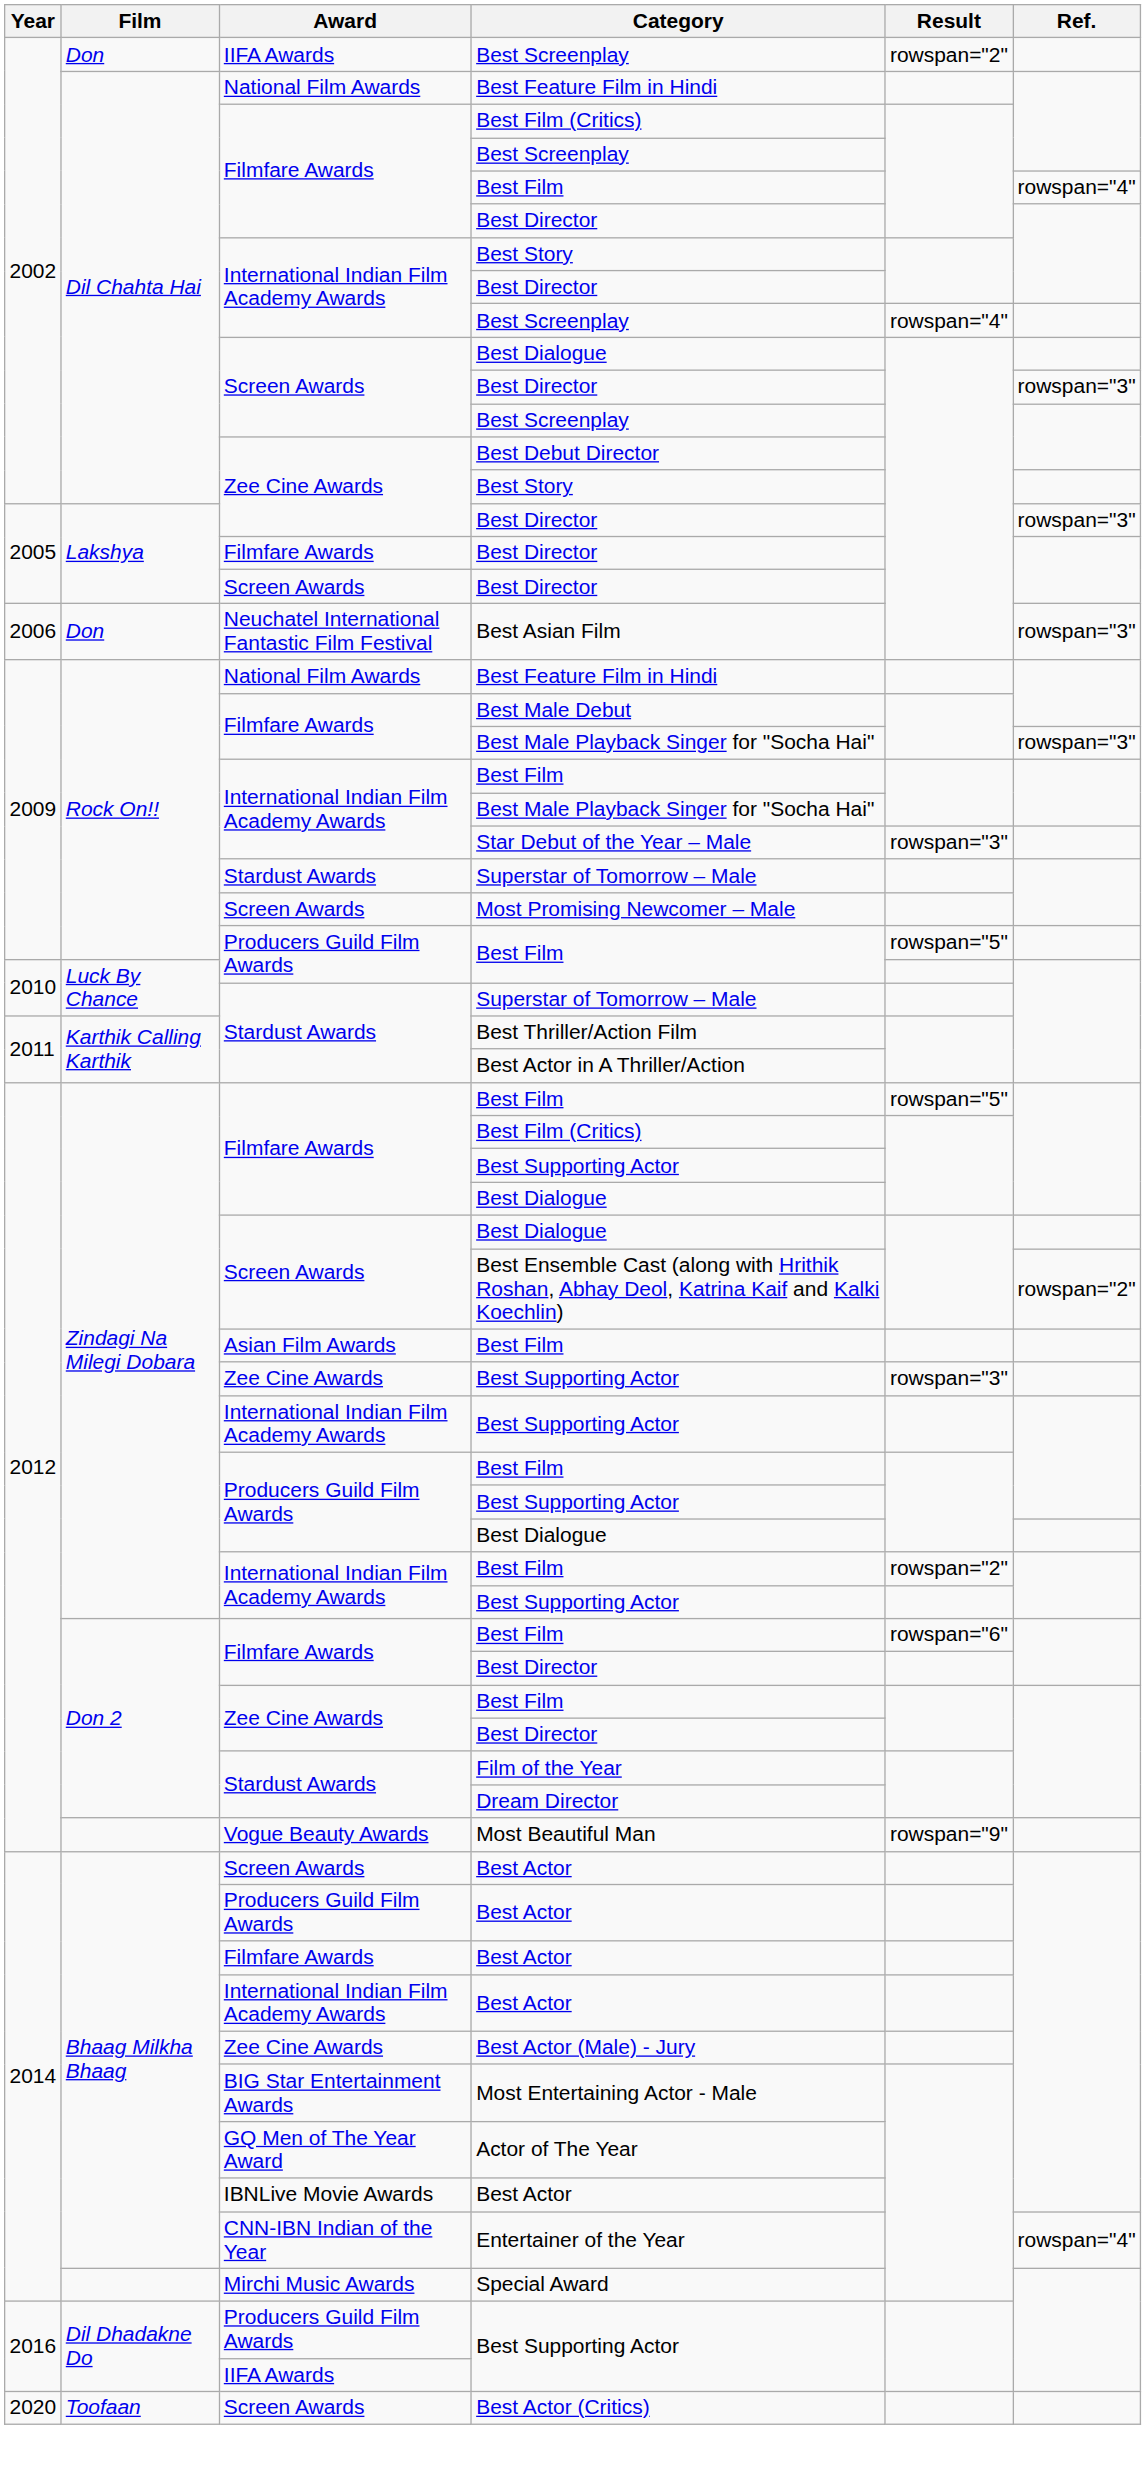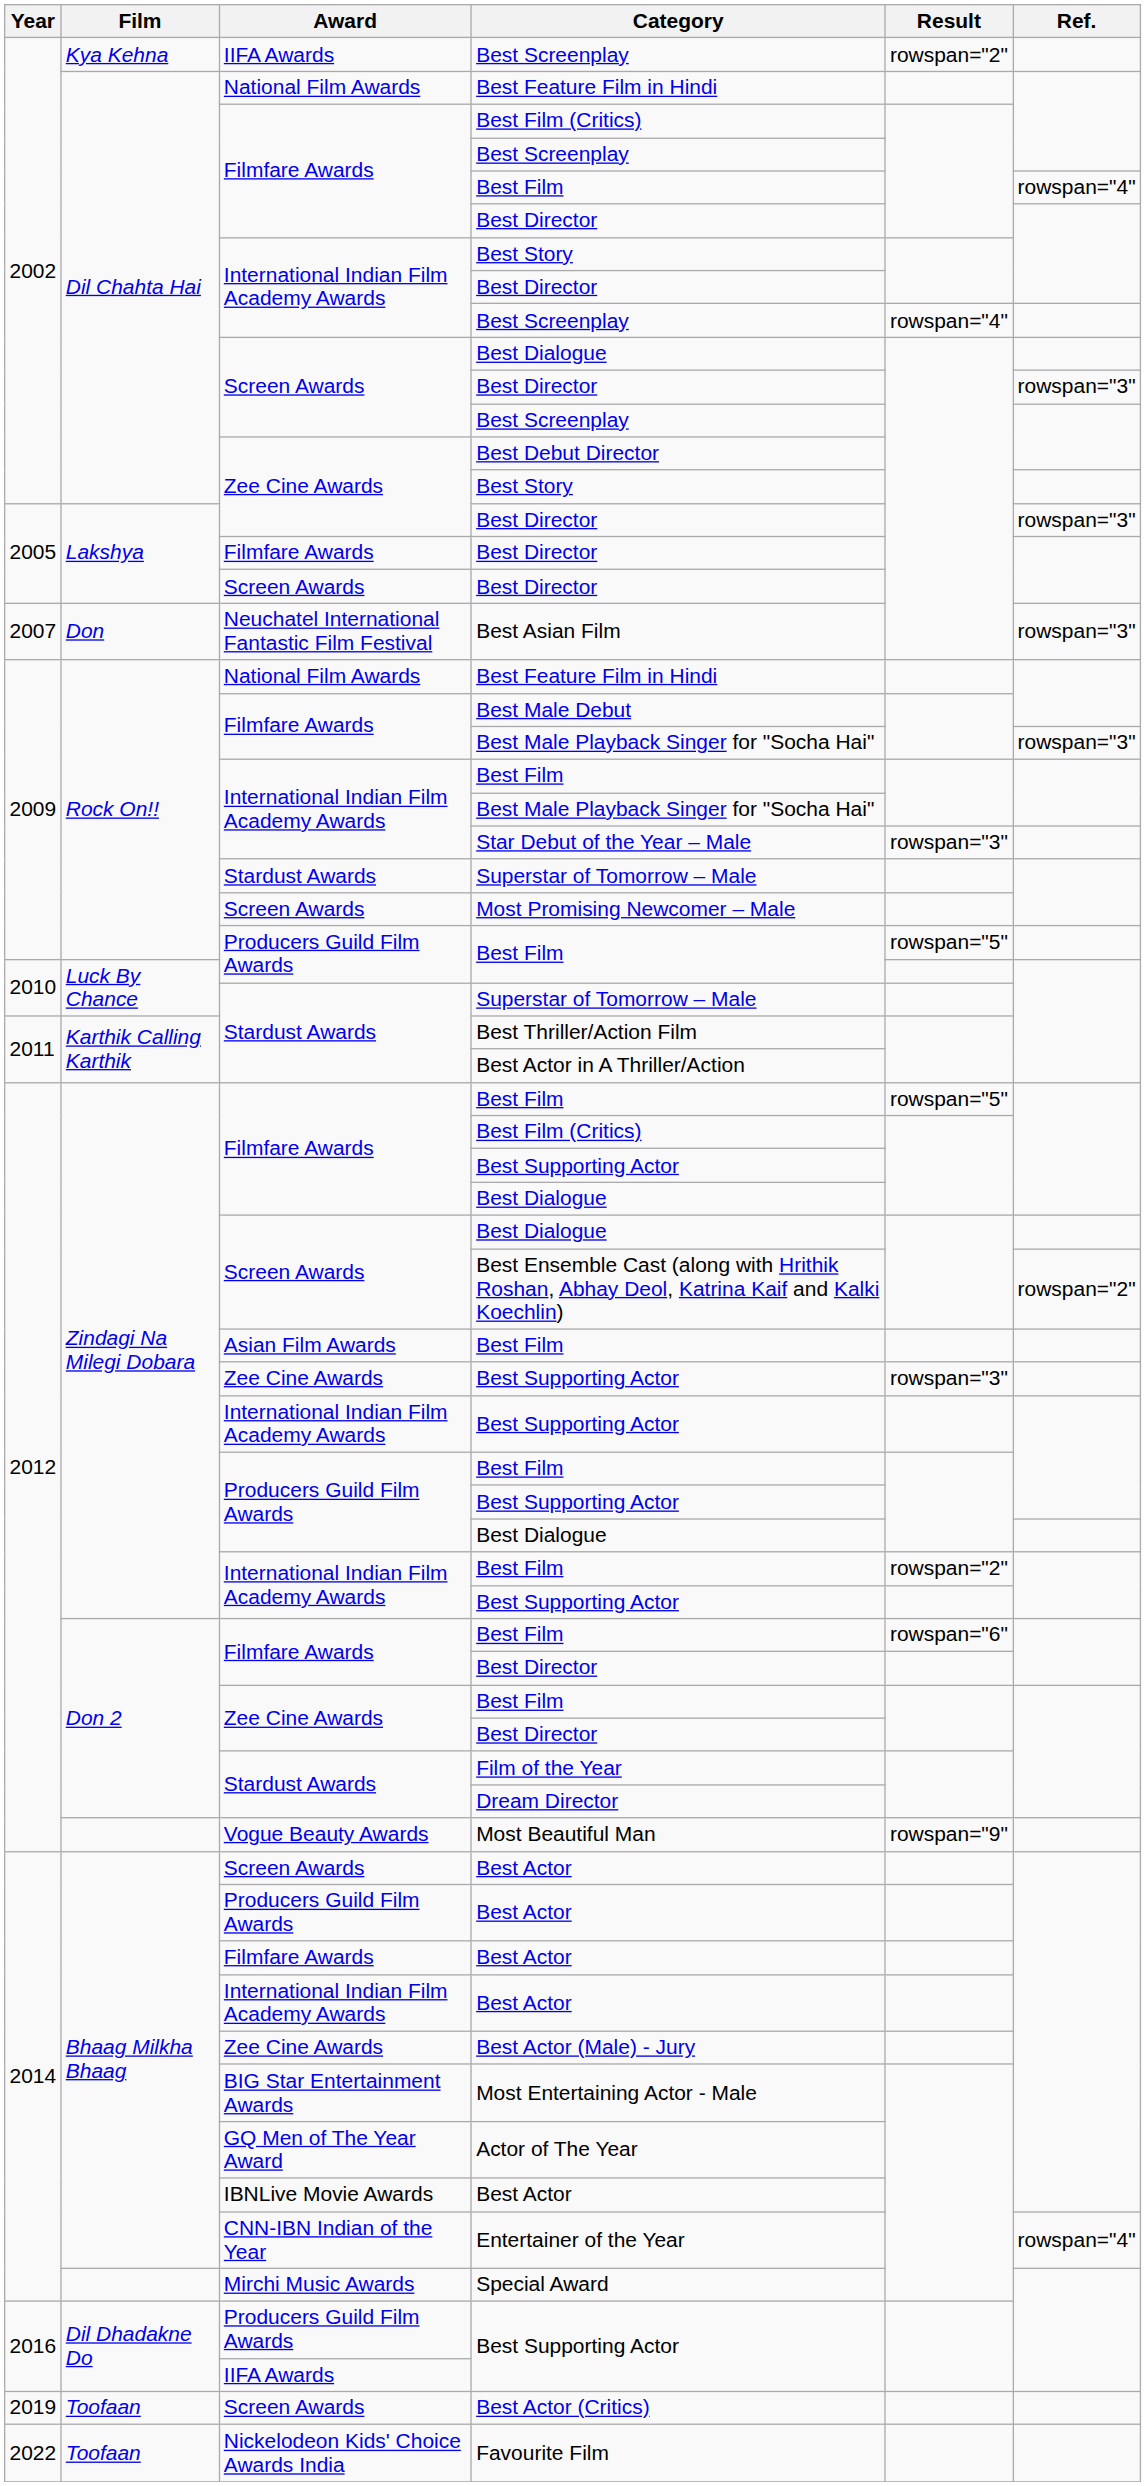 <table class="wikitable">
 <tr style="text-align:center;">
 <th>Year</th>
 <th>Film</th>
 <th>Award</th>
 <th>Category</th>
 <th>Result</th>
 <th>Ref.</th>
 </tr>
 <tr>
 <td rowspan="14">2002</td>
-<td><em><a href='#'>Don</a></em></td>
+<td><em><a href='#'>Kya Kehna</a></em></td>
 <td><a href='#'>IIFA Awards</a></td>
 <td><a href='#'>Best Screenplay</a></td>
 <td>rowspan="2" </td>
 <td></td>
 </tr>
 <tr>
 <td rowspan="13"><em><a href='#'>Dil Chahta Hai</a></em></td>
 <td><a href='#'>National Film Awards</a></td>
 <td><a href='#'>Best Feature Film in Hindi</a></td>
 <td></td>
 </tr>
 <tr>
 <td rowspan="4"><a href='#'>Filmfare Awards</a></td>
 <td><a href='#'>Best Film (Critics)</a></td>
 <td rowspan="4"></td>
 </tr>
 <tr>
 <td><a href='#'>Best Screenplay</a></td>
 </tr>
 <tr>
 <td><a href='#'>Best Film</a></td>
 <td>rowspan="4" </td>
 </tr>
 <tr>
 <td><a href='#'>Best Director</a></td>
 </tr>
 <tr>
 <td rowspan="3"><a href='#'>International Indian Film Academy Awards</a></td>
 <td><a href='#'>Best Story</a></td>
 <td rowspan="2"></td>
 </tr>
 <tr>
 <td><a href='#'>Best Director</a></td>
 </tr>
 <tr>
 <td><a href='#'>Best Screenplay</a></td>
 <td>rowspan="4" </td>
 <td></td>
 </tr>
 <tr>
 <td rowspan="3"><a href='#'>Screen Awards</a></td>
 <td><a href='#'>Best Dialogue</a></td>
 <td rowspan="9"></td>
 </tr>
 <tr>
 <td><a href='#'>Best Director</a></td>
 <td>rowspan="3" </td>
 </tr>
 <tr>
 <td><a href='#'>Best Screenplay</a></td>
 </tr>
 <tr>
 <td rowspan="3"><a href='#'>Zee Cine Awards</a></td>
 <td><a href='#'>Best Debut Director</a></td>
 </tr>
 <tr>
 <td><a href='#'>Best Story</a></td>
 <td></td>
 </tr>
 <tr>
 <td rowspan="3">2005</td>
 <td rowspan="3"><a href='#'><em>Lakshya</em></a></td>
 <td><a href='#'>Best Director</a></td>
 <td>rowspan="3" </td>
 </tr>
 <tr>
 <td><a href='#'>Filmfare Awards</a></td>
 <td><a href='#'>Best Director</a></td>
 </tr>
 <tr>
 <td><a href='#'>Screen Awards</a></td>
 <td><a href='#'>Best Director</a></td>
 </tr>
 <tr>
-<td>2006</td>
+<td>2007</td>
 <td><em><a href='#'>Don</a></em></td>
 <td><a href='#'>Neuchatel International Fantastic Film Festival</a></td>
 <td>Best Asian Film</td>
 <td>rowspan="3" </td>
 </tr>
 <tr>
 <td rowspan="9">2009</td>
 <td rowspan="9"><em><a href='#'>Rock On!!</a></em></td>
 <td><a href='#'>National Film Awards</a></td>
 <td><a href='#'>Best Feature Film in Hindi</a></td>
 <td></td>
 </tr>
 <tr>
 <td rowspan="2"><a href='#'>Filmfare Awards</a></td>
 <td><a href='#'>Best Male Debut</a></td>
 <td rowspan="2"><br></td>
 </tr>
 <tr>
 <td><a href='#'>Best Male Playback Singer</a> for "Socha Hai"</td>
 <td>rowspan="3" </td>
 </tr>
 <tr>
 <td rowspan="3"><a href='#'>International Indian Film Academy Awards</a></td>
 <td><a href='#'>Best Film</a></td>
 <td rowspan="2"></td>
 </tr>
 <tr>
 <td><a href='#'>Best Male Playback Singer</a> for "Socha Hai"</td>
 </tr>
 <tr>
 <td><a href='#'>Star Debut of the Year – Male</a></td>
 <td>rowspan="3" </td>
 <td></td>
 </tr>
 <tr>
 <td><a href='#'>Stardust Awards</a></td>
 <td><a href='#'>Superstar of Tomorrow – Male</a></td>
 <td></td>
 </tr>
 <tr>
 <td><a href='#'>Screen Awards</a></td>
 <td><a href='#'>Most Promising Newcomer – Male</a></td>
 <td></td>
 </tr>
 <tr>
 <td rowspan="2"><a href='#'>Producers Guild Film Awards</a></td>
 <td rowspan="2"><a href='#'>Best Film</a></td>
 <td>rowspan="5" </td>
 <td></td>
 </tr>
 <tr>
 <td rowspan="2">2010</td>
 <td rowspan="2"><em><a href='#'>Luck By Chance</a></em></td>
 <td></td>
 </tr>
 <tr>
 <td rowspan="3"><a href='#'>Stardust Awards</a></td>
 <td><a href='#'>Superstar of Tomorrow – Male</a></td>
 <td></td>
 </tr>
 <tr>
 <td rowspan="2">2011</td>
 <td rowspan="2"><em><a href='#'>Karthik Calling Karthik</a></em></td>
 <td>Best Thriller/Action Film</td>
 <td rowspan="2"></td>
 </tr>
 <tr>
 <td>Best Actor in A Thriller/Action</td>
 </tr>
 <tr>
 <td rowspan="21">2012</td>
 <td rowspan="14"><em><a href='#'>Zindagi Na Milegi Dobara</a></em></td>
 <td rowspan="4"><a href='#'>Filmfare Awards</a></td>
 <td><a href='#'>Best Film</a></td>
 <td>rowspan="5" </td>
 <td rowspan="4"></td>
 </tr>
 <tr>
 <td><a href='#'>Best Film (Critics)</a></td>
 </tr>
 <tr>
 <td><a href='#'>Best Supporting Actor</a></td>
 </tr>
 <tr>
 <td><a href='#'>Best Dialogue</a></td>
 </tr>
 <tr>
 <td rowspan="2"><a href='#'>Screen Awards</a></td>
 <td><a href='#'>Best Dialogue</a></td>
 <td rowspan="2"><br></td>
 </tr>
 <tr>
 <td>Best Ensemble Cast (along with <a href='#'>Hrithik Roshan</a>, <a href='#'>Abhay Deol</a>, <a href='#'>Katrina Kaif</a> and <a href='#'>Kalki Koechlin</a>)</td>
 <td>rowspan="2" </td>
 </tr>
 <tr>
 <td><a href='#'>Asian Film Awards</a></td>
 <td><a href='#'>Best Film</a></td>
 <td></td>
 </tr>
 <tr>
 <td><a href='#'>Zee Cine Awards</a></td>
 <td><a href='#'>Best Supporting Actor</a></td>
 <td>rowspan="3" </td>
 <td></td>
 </tr>
 <tr>
 <td><a href='#'>International Indian Film Academy Awards</a></td>
 <td><a href='#'>Best Supporting Actor</a></td>
 <td></td>
 </tr>
 <tr>
 <td rowspan="3"><a href='#'>Producers Guild Film Awards</a></td>
 <td><a href='#'>Best Film</a></td>
 <td rowspan="3"></td>
 </tr>
 <tr>
 <td><a href='#'>Best Supporting Actor</a></td>
 </tr>
 <tr>
 <td>Best Dialogue</td>
 <td></td>
 </tr>
 <tr>
 <td rowspan="2"><a href='#'>International Indian Film Academy Awards</a></td>
 <td><a href='#'>Best Film</a></td>
 <td>rowspan="2" </td>
 <td rowspan="2"></td>
 </tr>
 <tr>
 <td><a href='#'>Best Supporting Actor</a></td>
 </tr>
 <tr>
 <td rowspan="6"><em><a href='#'>Don 2</a></em></td>
 <td rowspan="2"><a href='#'>Filmfare Awards</a></td>
 <td><a href='#'>Best Film</a></td>
 <td>rowspan="6" </td>
 <td rowspan="2"></td>
 </tr>
 <tr>
 <td><a href='#'>Best Director</a></td>
 </tr>
 <tr>
 <td rowspan="2"><a href='#'>Zee Cine Awards</a></td>
 <td><a href='#'>Best Film</a></td>
 <td rowspan="2"></td>
 </tr>
 <tr>
 <td><a href='#'>Best Director</a></td>
 </tr>
 <tr>
 <td rowspan="2"><a href='#'>Stardust Awards</a></td>
 <td><a href='#'>Film of the Year</a></td>
 <td rowspan="2"></td>
 </tr>
 <tr>
 <td><a href='#'>Dream Director</a></td>
 </tr>
 <tr>
 <td></td>
 <td><a href='#'>Vogue Beauty Awards</a></td>
 <td>Most Beautiful Man</td>
 <td>rowspan="9" </td>
 <td></td>
 </tr>
 <tr>
 <td rowspan="10">2014</td>
 <td rowspan="9"><em><a href='#'>Bhaag Milkha Bhaag</a></em></td>
 <td><a href='#'>Screen Awards</a></td>
 <td><a href='#'>Best Actor</a></td>
 <td></td>
 </tr>
 <tr>
 <td><a href='#'>Producers Guild Film Awards</a></td>
 <td><a href='#'>Best Actor</a></td>
 <td></td>
 </tr>
 <tr>
 <td><a href='#'>Filmfare Awards</a></td>
 <td><a href='#'>Best Actor</a></td>
 <td></td>
 </tr>
 <tr>
 <td><a href='#'>International Indian Film Academy Awards</a></td>
 <td><a href='#'>Best Actor</a></td>
 <td></td>
 </tr>
 <tr>
 <td><a href='#'>Zee Cine Awards</a></td>
 <td><a href='#'>Best Actor (Male) - Jury</a></td>
 <td></td>
 </tr>
 <tr>
 <td><a href='#'>BIG Star Entertainment Awards</a></td>
 <td>Most Entertaining Actor - Male</td>
 <td rowspan="5"></td>
 </tr>
 <tr>
 <td><a href='#'>GQ Men of The Year Award</a></td>
 <td>Actor of The Year</td>
 </tr>
 <tr>
 <td>IBNLive Movie Awards</td>
 <td>Best Actor</td>
 </tr>
 <tr>
 <td><a href='#'>CNN-IBN Indian of the Year</a></td>
 <td>Entertainer of the Year</td>
 <td>rowspan="4" </td>
 </tr>
 <tr>
 <td></td>
 <td><a href='#'>Mirchi Music Awards</a></td>
 <td>Special Award</td>
 </tr>
 <tr>
 <td rowspan="2">2016</td>
 <td rowspan="2"><em><a href='#'>Dil Dhadakne Do</a></em></td>
 <td><a href='#'>Producers Guild Film Awards</a></td>
 <td rowspan="2">Best Supporting Actor</td>
 <td rowspan="2"></td>
 </tr>
 <tr>
 <td><a href='#'>IIFA Awards</a></td>
 </tr>
 <tr>
-<td>2020</td>
+<td>2019</td>
 <td><em><a href='#'>Toofaan</a></em></td>
 <td><a href='#'>Screen Awards</a>⁣⁣</td>
 <td><a href='#'>Best Actor (Critics)</a></td>
 <td>⁣</td>
 <td></td>
 </tr>
+<tr>
+<td>2022</td>
+<td><em><a href='#'>Toofaan</a></em></td>
+<td><a href='#'>Nickelodeon Kids' Choice Awards India</a></td>
+<td>Favourite Film</td>
+<td></td>
+<td style="text-align:center;"></td>
+</tr>
 </table>
